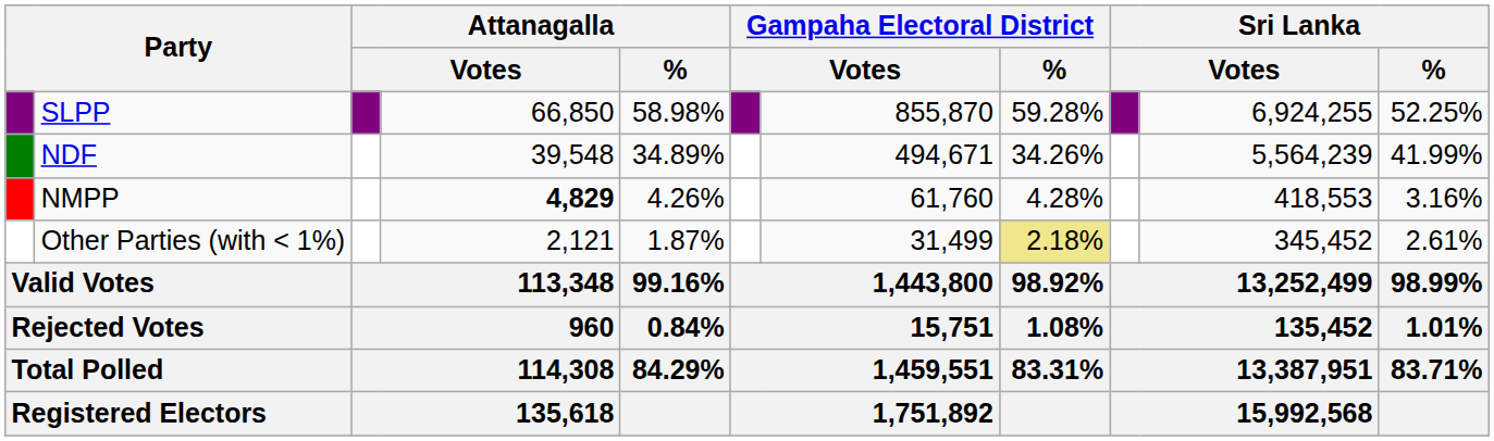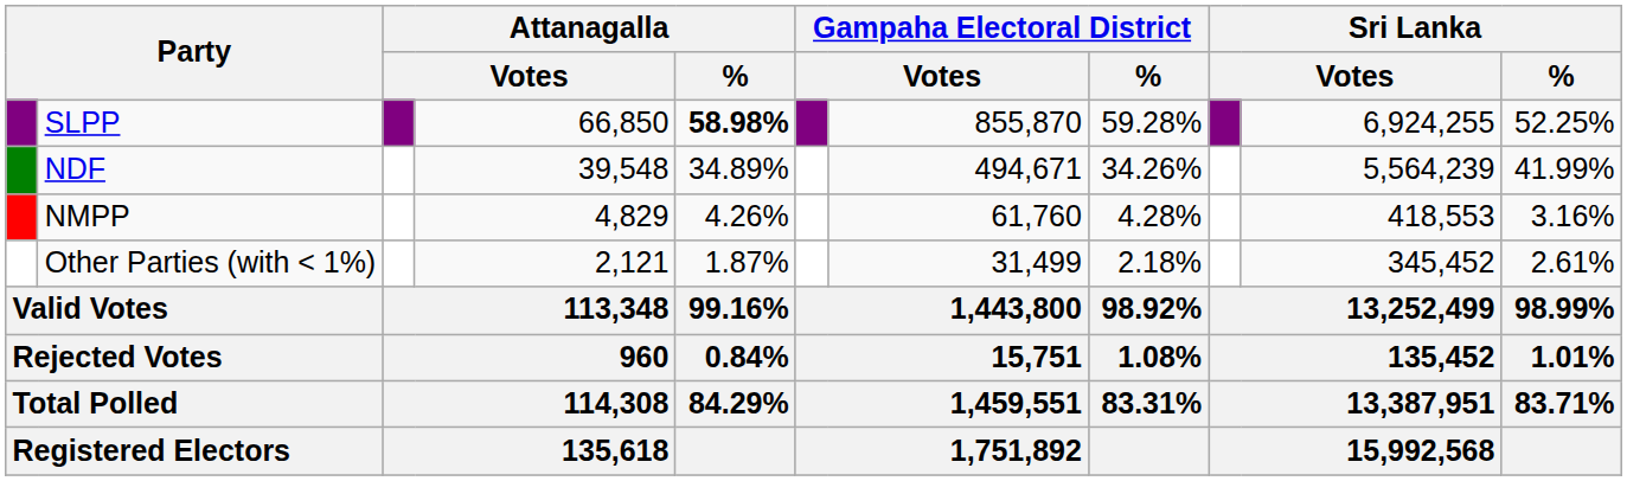 <table class="wikitable">
 <tr>
 <th colspan="2" width="144px"rowspan="2">Party</th>
 <th colspan="3" width="216px">Attanagalla</th>
 <th colspan="3" width="216px"><a href='#'>Gampaha Electoral District</a></th>
 <th colspan="3" width="216px">Sri Lanka</th>
 </tr>
 <tr>
 <th colspan="2" width="144px">Votes</th>
 <th>%</th>
 <th colspan="2" width="144px">Votes</th>
 <th>%</th>
 <th colspan="2" width="144px">Votes</th>
 <th>%</th>
 </tr>
 <tr>
 <td style="background-color:purple;" width="10px"></td>
 <td style="text-align:left;"><a href='#'>SLPP</a></td>
 <td style="background-color:purple;" width="10px"></td>
 <td style="text-align:right;">66,850</td>
-<td style="text-align:right;">58.98%</td>
+<td style="text-align:right;"><strong>58.98%</strong></td>
 <td style="background-color:purple;" width="10px"></td>
 <td style="text-align:right;">855,870</td>
 <td style="text-align:right;">59.28%</td>
 <td style="background-color:purple;" width="10px"></td>
 <td style="text-align:right;">6,924,255</td>
 <td style="text-align:right;">52.25%</td>
 </tr>
 <tr>
 <td style="background-color:green;" width="10px"></td>
 <td style="text-align:left;"><a href='#'>NDF</a></td>
 <td style="background-color:white;" width="10px"></td>
 <td style="text-align:right;">39,548</td>
 <td style="text-align:right;">34.89%</td>
 <td style="background-color:white;" width="10px"></td>
 <td style="text-align:right;">494,671</td>
 <td style="text-align:right;">34.26%</td>
 <td style="background-color:white;" width="10px"></td>
 <td style="text-align:right;">5,564,239</td>
 <td style="text-align:right;">41.99%</td>
 </tr>
 <tr>
 <td style="background-color:red;" width="10px"></td>
 <td style="text-align:left;">NMPP</td>
 <td style="background-color:white;" width="10px"></td>
-<td style="text-align:right;"><strong>4,829</strong></td>
+<td style="text-align:right;">4,829</td>
 <td style="text-align:right;">4.26%</td>
 <td style="background-color:white;" width="10px"></td>
 <td style="text-align:right;">61,760</td>
 <td style="text-align:right;">4.28%</td>
 <td style="background-color:white;" width="10px"></td>
 <td style="text-align:right;">418,553</td>
 <td style="text-align:right;">3.16%</td>
 </tr>
 <tr>
 <td style="background-color:white;" width="10px"></td>
 <td style="text-align:left;">Other Parties (with < 1%)</td>
 <td style="background-color:white;" width="10px"></td>
 <td style="text-align:right;">2,121</td>
 <td style="text-align:right;">1.87%</td>
 <td style="background-color:white;" width="10px"></td>
 <td style="text-align:right;">31,499</td>
-<td style="background: khaki; text-align:right;">2.18%</td>
+<td style="text-align:right;">2.18%</td>
 <td style="background-color:white;" width="10px"></td>
 <td style="text-align:right;">345,452</td>
 <td style="text-align:right;">2.61%</td>
 </tr>
 <tr>
 <th colspan="2" width="144px"style="text-align:left;">Valid Votes</th>
 <th style="text-align:right;"colspan="2" width="144px">113,348</th>
 <th style="text-align:right;">99.16%</th>
 <th style="text-align:right;"colspan="2" width="144px">1,443,800</th>
 <th style="text-align:right;">98.92%</th>
 <th style="text-align:right;"colspan="2" width="144px">13,252,499</th>
 <th style="text-align:right;">98.99%</th>
 </tr>
 <tr>
 <th colspan="2" width="144px"style="text-align:left;">Rejected Votes</th>
 <th style="text-align:right;"colspan="2" width="144px">960</th>
 <th style="text-align:right;">0.84%</th>
 <th style="text-align:right;"colspan="2" width="144px">15,751</th>
 <th style="text-align:right;">1.08%</th>
 <th style="text-align:right;"colspan="2" width="144px">135,452</th>
 <th style="text-align:right;">1.01%</th>
 </tr>
 <tr>
 <th colspan="2" width="144px"style="text-align:left;">Total Polled</th>
 <th style="text-align:right;"colspan="2" width="144px">114,308</th>
 <th style="text-align:right;">84.29%</th>
 <th style="text-align:right;"colspan="2" width="144px">1,459,551</th>
 <th style="text-align:right;">83.31%</th>
 <th style="text-align:right;"colspan="2" width="144px">13,387,951</th>
 <th style="text-align:right;">83.71%</th>
 </tr>
 <tr>
 <th colspan="2" width="144px"style="text-align:left;">Registered Electors</th>
 <th style="text-align:right;"colspan="2" width="144px">135,618</th>
 <th></th>
 <th style="text-align:right;"colspan="2" width="144px">1,751,892</th>
 <th></th>
 <th style="text-align:right;"colspan="2" width="144px">15,992,568</th>
 <th></th>
 </tr>
 </table>
